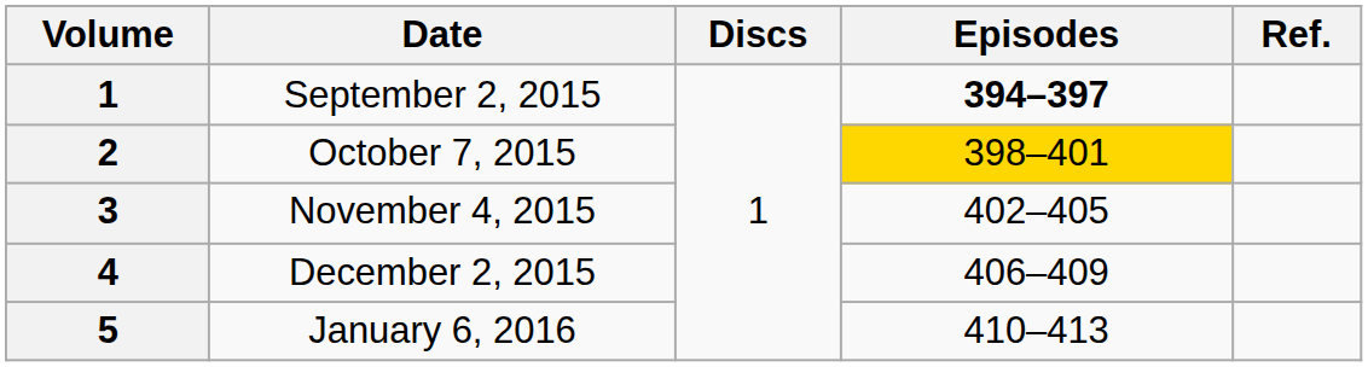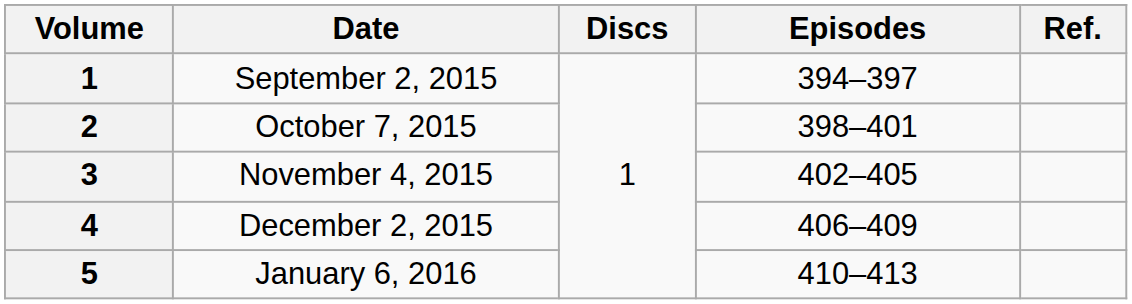 <table class="wikitable" style="text-align:center;">
 <tr>
 <th scope="col" style="width:5em;">Volume</th>
 <th scope="col" style="width:12em;">Date</th>
 <th scope="col" style="width:4em;">Discs</th>
 <th scope="col" style="width:10em;">Episodes</th>
 <th scope="col" style="width:3em;">Ref.</th>
 </tr>
 <tr>
 <th scope="row">1</th>
 <td>September 2, 2015</td>
 <td rowspan="5">1</td>
-<td><strong>394–397</strong></td>
+<td>394–397</td>
 <td></td>
 </tr>
 <tr>
 <th scope="row">2</th>
 <td>October 7, 2015</td>
-<td style="background: gold;">398–401</td>
+<td>398–401</td>
 <td></td>
 </tr>
 <tr>
 <th scope="row">3</th>
 <td>November 4, 2015</td>
 <td>402–405</td>
 <td></td>
 </tr>
 <tr>
 <th scope="row">4</th>
 <td>December 2, 2015</td>
 <td>406–409</td>
 <td></td>
 </tr>
 <tr>
 <th scope="row">5</th>
 <td>January 6, 2016</td>
 <td>410–413</td>
 <td></td>
 </tr>
 </table>
